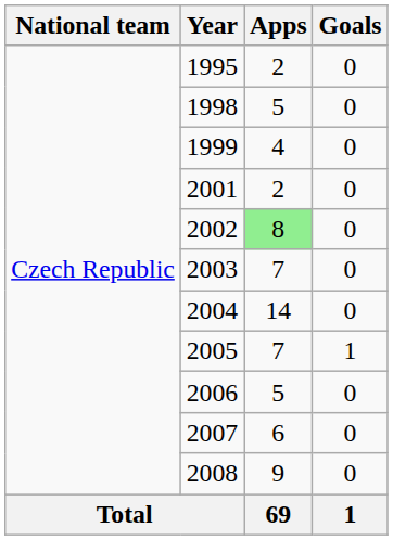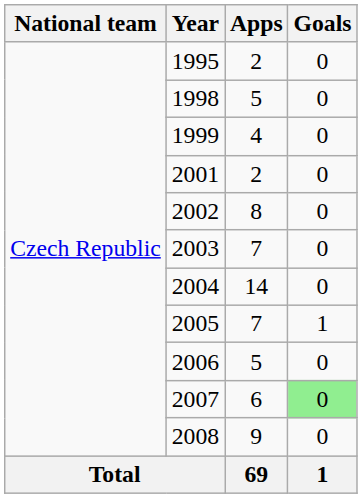 <table class="wikitable" style="text-align:center">
 <tr>
 <th>National team</th>
 <th>Year</th>
 <th>Apps</th>
 <th>Goals</th>
 </tr>
 <tr>
 <td rowspan="11"><a href='#'>Czech Republic</a></td>
 <td>1995</td>
 <td>2</td>
 <td>0</td>
 </tr>
 <tr>
 <td>1998</td>
 <td>5</td>
 <td>0</td>
 </tr>
 <tr>
 <td>1999</td>
 <td>4</td>
 <td>0</td>
 </tr>
 <tr>
 <td>2001</td>
 <td>2</td>
 <td>0</td>
 </tr>
 <tr>
 <td>2002</td>
-<td style="background: lightgreen;">8</td>
+<td>8</td>
 <td>0</td>
 </tr>
 <tr>
 <td>2003</td>
 <td>7</td>
 <td>0</td>
 </tr>
 <tr>
 <td>2004</td>
 <td>14</td>
 <td>0</td>
 </tr>
 <tr>
 <td>2005</td>
 <td>7</td>
 <td>1</td>
 </tr>
 <tr>
 <td>2006</td>
 <td>5</td>
 <td>0</td>
 </tr>
 <tr>
 <td>2007</td>
 <td>6</td>
-<td>0</td>
+<td style="background: lightgreen;">0</td>
 </tr>
 <tr>
 <td>2008</td>
 <td>9</td>
 <td>0</td>
 </tr>
 <tr>
 <th colspan="2">Total</th>
 <th>69</th>
 <th>1</th>
 </tr>
 </table>
